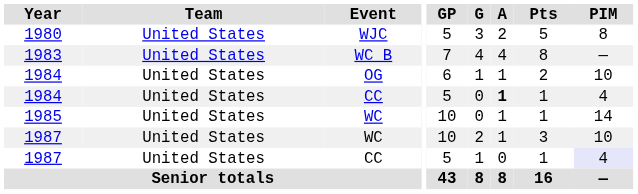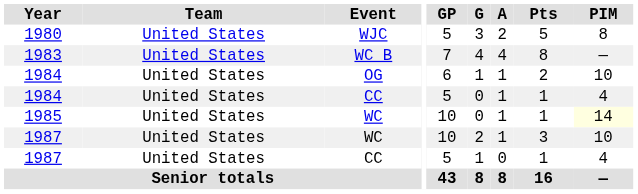 <table border="0" cellpadding="1" cellspacing="0" ID="Table3" style="text-align:center; width:40em">
 <tr bgcolor="#e0e0e0">
 <th>Year</th>
 <th>Team</th>
 <th>Event</th>
 <th rowspan="102" bgcolor="#ffffff"></th>
 <th>GP</th>
 <th>G</th>
 <th>A</th>
 <th>Pts</th>
 <th>PIM</th>
 </tr>
 <tr>
 <td><a href='#'>1980</a></td>
 <td><a href='#'>United States</a></td>
 <td><a href='#'>WJC</a></td>
 <td>5</td>
 <td>3</td>
 <td>2</td>
 <td>5</td>
 <td>8</td>
 </tr>
 <tr bgcolor="#f0f0f0">
 <td><a href='#'>1983</a></td>
 <td><a href='#'>United States</a></td>
 <td><a href='#'>WC B</a></td>
 <td>7</td>
 <td>4</td>
 <td>4</td>
 <td>8</td>
 <td>—</td>
 </tr>
 <tr>
 <td><a href='#'>1984</a></td>
 <td>United States</td>
 <td><a href='#'>OG</a></td>
 <td>6</td>
 <td>1</td>
 <td>1</td>
 <td>2</td>
 <td>10</td>
 </tr>
 <tr bgcolor="#f0f0f0">
 <td><a href='#'>1984</a></td>
 <td>United States</td>
 <td><a href='#'>CC</a></td>
 <td>5</td>
 <td>0</td>
-<td><strong>1</strong></td>
+<td>1</td>
 <td>1</td>
 <td>4</td>
 </tr>
 <tr>
 <td><a href='#'>1985</a></td>
 <td>United States</td>
 <td><a href='#'>WC</a></td>
 <td>10</td>
 <td>0</td>
 <td>1</td>
 <td>1</td>
-<td>14</td>
+<td style="background: lightyellow;">14</td>
 </tr>
 <tr bgcolor="#f0f0f0">
 <td><a href='#'>1987</a></td>
 <td>United States</td>
 <td>WC</td>
 <td>10</td>
 <td>2</td>
 <td>1</td>
 <td>3</td>
 <td>10</td>
 </tr>
 <tr>
 <td><a href='#'>1987</a></td>
 <td>United States</td>
 <td>CC</td>
 <td>5</td>
 <td>1</td>
 <td>0</td>
 <td>1</td>
-<td style="background: lavender;">4</td>
+<td>4</td>
 </tr>
 <tr bgcolor="#e0e0e0">
 <th colspan="3">Senior totals</th>
 <th>43</th>
 <th>8</th>
 <th>8</th>
 <th>16</th>
 <th>—</th>
 </tr>
 </table>
